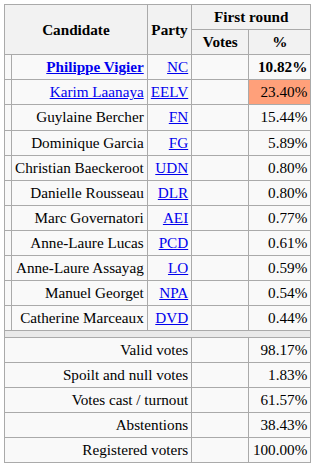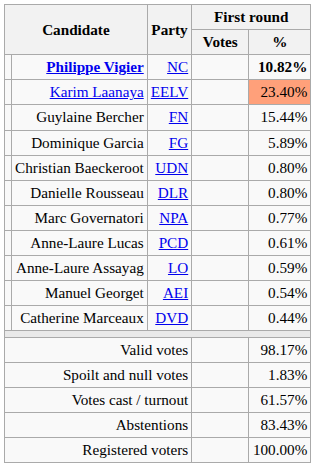 <table class="wikitable" style="text-align:right;font-size:95%;">
 <tr>
 <th rowspan=2 colspan=2>Candidate</th>
 <th rowspan=2 colspan=1>Party</th>
 <th colspan=2>First round</th>
 </tr>
 <tr>
 <th style="width:50px;">Votes</th>
 <th style="width:55px;">%</th>
 </tr>
 <tr>
 <td style="color:inherit;background-color:"></td>
 <td><strong><a href='#'>Philippe Vigier</a></strong></td>
 <td><a href='#'>NC</a></td>
 <td><strong></strong></td>
 <td><strong>10.82%</strong></td>
 </tr>
 <tr>
 <td style="color:inherit;background-color:"></td>
 <td><a href='#'>Karim Laanaya</a></td>
 <td><a href='#'>EELV</a></td>
 <td></td>
 <td style="background: lightsalmon;">23.40%</td>
 </tr>
 <tr>
 <td style="color:inherit;background-color:"></td>
 <td>Guylaine Bercher</td>
 <td><a href='#'>FN</a></td>
 <td></td>
 <td>15.44%</td>
 </tr>
 <tr>
 <td style="color:inherit;background-color:"></td>
 <td>Dominique Garcia</td>
 <td><a href='#'>FG</a></td>
 <td></td>
 <td>5.89%</td>
 </tr>
 <tr>
 <td style="color:inherit;background-color:"></td>
 <td>Christian Baeckeroot</td>
 <td><a href='#'>UDN</a></td>
 <td></td>
 <td>0.80%</td>
 </tr>
 <tr>
 <td style="color:inherit;background-color:"></td>
 <td>Danielle Rousseau</td>
 <td><a href='#'>DLR</a></td>
 <td></td>
 <td>0.80%</td>
 </tr>
 <tr>
 <td style="color:inherit;background-color:"></td>
 <td>Marc Governatori</td>
-<td><a href='#'>AEI</a></td>
+<td><a href='#'>NPA</a></td>
 <td></td>
 <td>0.77%</td>
 </tr>
 <tr>
 <td style="color:inherit;background-color:"></td>
 <td>Anne-Laure Lucas</td>
 <td><a href='#'>PCD</a></td>
 <td></td>
 <td>0.61%</td>
 </tr>
 <tr>
 <td style="color:inherit;background-color:"></td>
 <td>Anne-Laure Assayag</td>
 <td><a href='#'>LO</a></td>
 <td></td>
 <td>0.59%</td>
 </tr>
 <tr>
 <td style="color:inherit;background-color:"></td>
 <td>Manuel Georget</td>
-<td><a href='#'>NPA</a></td>
+<td><a href='#'>AEI</a></td>
 <td></td>
 <td>0.54%</td>
 </tr>
 <tr>
 <td style="background-color:;"></td>
 <td>Catherine Marceaux</td>
 <td><a href='#'>DVD</a> </td>
 <td></td>
 <td>0.44%</td>
 </tr>
 <tr>
 <td colspan=5 style="background-color:#E9E9E9;"></td>
 </tr>
 <tr>
 <td colspan=3>Valid votes</td>
 <td></td>
 <td>98.17%</td>
 </tr>
 <tr>
 <td colspan=3>Spoilt and null votes</td>
 <td></td>
 <td>1.83%</td>
 </tr>
 <tr>
 <td colspan=3>Votes cast / turnout</td>
 <td></td>
 <td>61.57%</td>
 </tr>
 <tr>
 <td colspan=3>Abstentions</td>
 <td></td>
-<td>38.43%</td>
+<td>83.43%</td>
 </tr>
 <tr>
 <td colspan=3>Registered voters</td>
 <td></td>
 <td>100.00%</td>
 </tr>
 </table>
